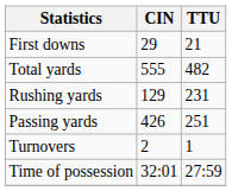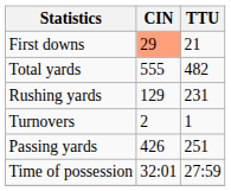 <table class="wikitable" style="float: left;">
 <tr>
 <th>Statistics</th>
 <th>CIN</th>
 <th>TTU</th>
 </tr>
 <tr>
 <td>First downs</td>
-<td>29</td>
+<td style="background: lightsalmon;">29</td>
 <td>21</td>
 </tr>
 <tr>
 <td>Total yards</td>
 <td>555</td>
 <td>482</td>
 </tr>
 <tr>
 <td>Rushing yards</td>
 <td>129</td>
 <td>231</td>
 </tr>
 <tr>
+<td>Turnovers</td>
+<td>2</td>
+<td>1</td>
+</tr>
+<tr>
 <td>Passing yards</td>
 <td>426</td>
 <td>251</td>
-</tr>
-<tr>
-<td>Turnovers</td>
-<td>2</td>
-<td>1</td>
 </tr>
 <tr>
 <td>Time of possession</td>
 <td>32:01</td>
 <td>27:59</td>
 </tr>
 <tr>
 </tr>
 </table>
